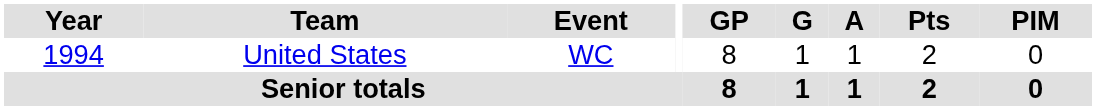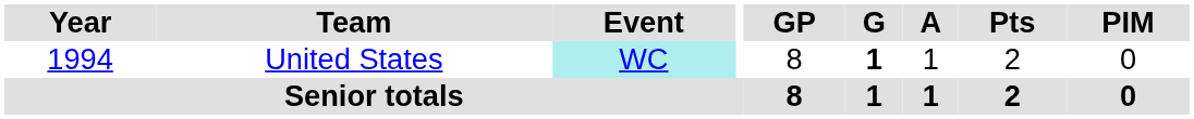 <table border="0" cellpadding="1" cellspacing="0" ID="Table3" style="text-align:center; width:40em">
 <tr bgcolor="#e0e0e0">
 <th>Year</th>
 <th>Team</th>
 <th>Event</th>
 <th rowspan="102" bgcolor="#ffffff"></th>
 <th>GP</th>
 <th>G</th>
 <th>A</th>
 <th>Pts</th>
 <th>PIM</th>
 </tr>
 <tr>
 <td><a href='#'>1994</a></td>
 <td><a href='#'>United States</a></td>
-<td><a href='#'>WC</a></td>
+<td style="background: paleturquoise;"><a href='#'>WC</a></td>
 <td>8</td>
-<td>1</td>
+<td><strong>1</strong></td>
 <td>1</td>
 <td>2</td>
 <td>0</td>
 </tr>
 <tr bgcolor="#e0e0e0">
 <th colspan="4">Senior totals</th>
 <th>8</th>
 <th>1</th>
 <th>1</th>
 <th>2</th>
 <th>0</th>
 </tr>
 </table>
